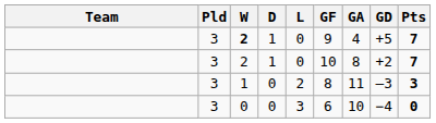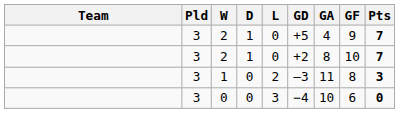 <table class=wikitable style="text-align:center">
 <tr>
 <th width=175>Team</th>
 <th width=20>Pld</th>
 <th width=20>W</th>
 <th width=20>D</th>
 <th width=20>L</th>
+<th width=20>GD</th>
+<th width=20>GA</th>
 <th width=20>GF</th>
-<th width=20>GA</th>
-<th width=20>GD</th>
 <th width=20>Pts</th>
 </tr>
 <tr>
 <td align=left></td>
 <td>3</td>
-<td><strong>2</strong></td>
+<td>2</td>
 <td>1</td>
 <td>0</td>
+<td>+5</td>
+<td>4</td>
 <td>9</td>
-<td>4</td>
-<td>+5</td>
 <td><strong>7</strong></td>
 </tr>
 <tr>
 <td align=left></td>
 <td>3</td>
 <td>2</td>
 <td>1</td>
 <td>0</td>
+<td>+2</td>
+<td>8</td>
 <td>10</td>
-<td>8</td>
-<td>+2</td>
 <td><strong>7</strong></td>
 </tr>
 <tr>
 <td align=left></td>
 <td>3</td>
 <td>1</td>
 <td>0</td>
 <td>2</td>
+<td>–3</td>
+<td>11</td>
 <td>8</td>
-<td>11</td>
-<td>–3</td>
 <td><strong>3</strong></td>
 </tr>
 <tr>
 <td align=left></td>
 <td>3</td>
 <td>0</td>
 <td>0</td>
 <td>3</td>
+<td>−4</td>
+<td>10</td>
 <td>6</td>
-<td>10</td>
-<td>−4</td>
 <td><strong>0</strong></td>
 </tr>
 </table>
